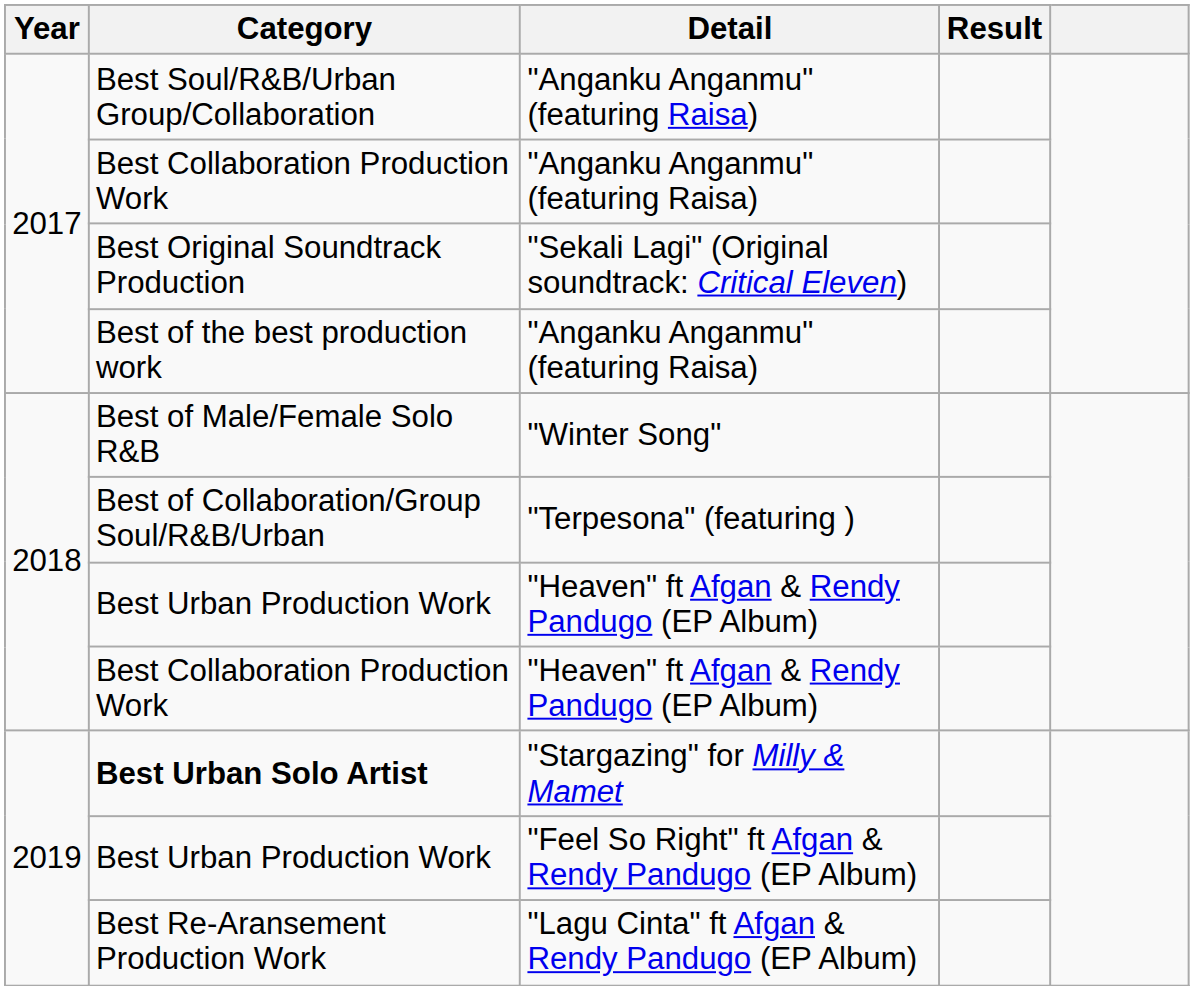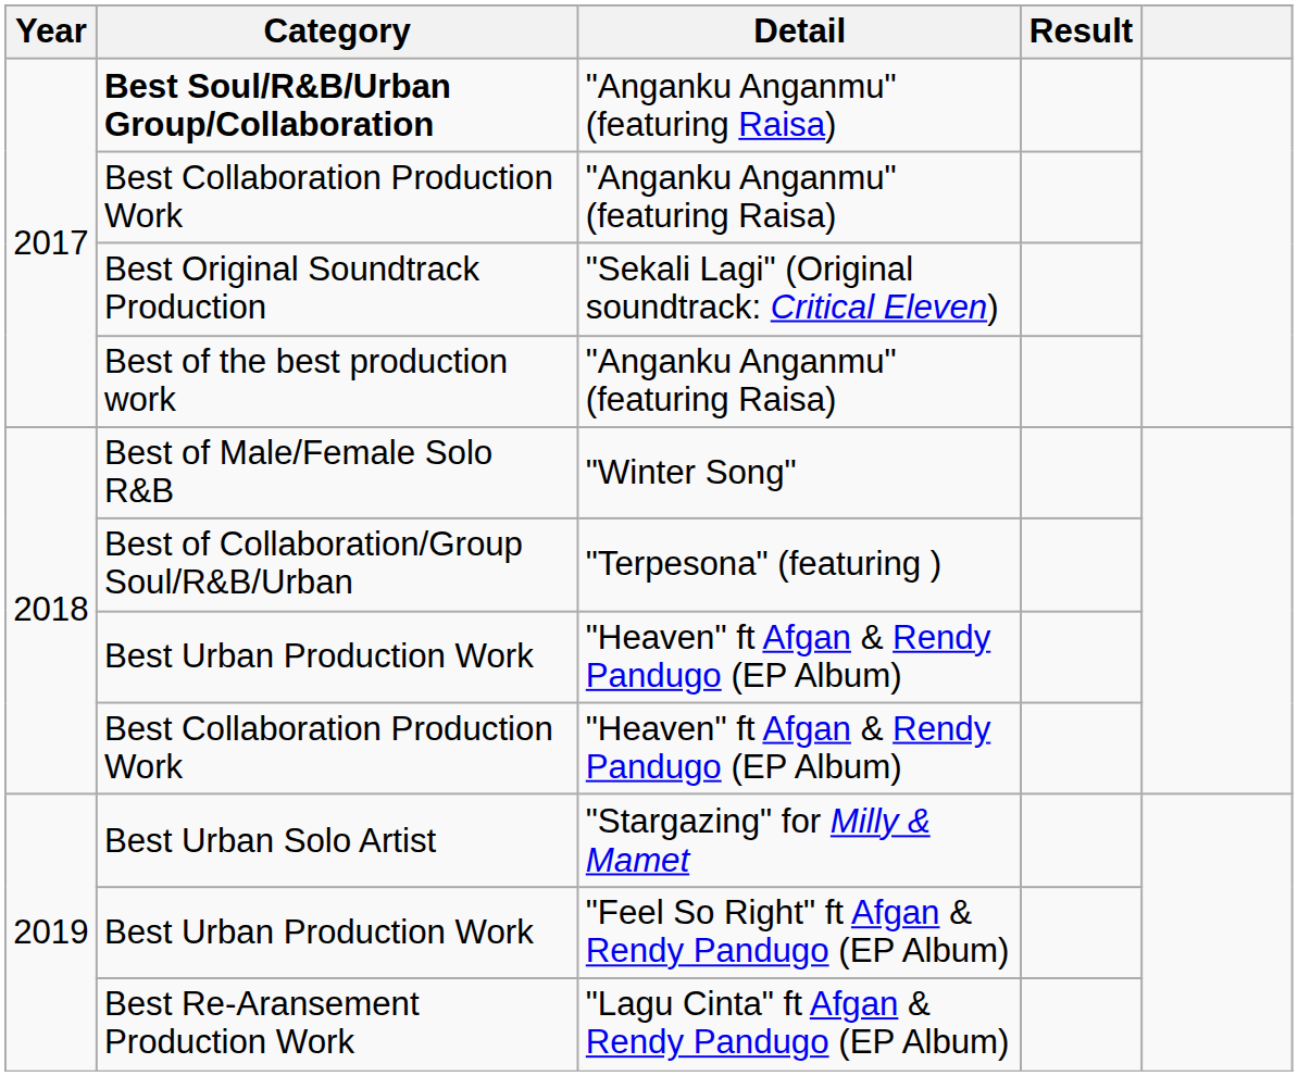 <table class="wikitable">
 <tr>
 <th>Year</th>
 <th>Category</th>
 <th>Detail</th>
 <th>Result</th>
 <th scope="col" style="width:4em;"></th>
 </tr>
 <tr>
 <td align="center" rowspan="4">2017</td>
-<td>Best Soul/R&B/Urban Group/Collaboration</td>
+<td><strong>Best Soul/R&B/Urban Group/Collaboration</strong></td>
 <td>"Anganku Anganmu" (featuring <a href='#'>Raisa</a>)</td>
 <td></td>
 <td rowspan="4" scope="row" style="text-align:center"></td>
 </tr>
 <tr>
 <td>Best Collaboration Production Work</td>
 <td>"Anganku Anganmu" (featuring Raisa)</td>
 <td></td>
 </tr>
 <tr>
 <td>Best Original Soundtrack Production</td>
 <td>"Sekali Lagi" (Original soundtrack: <em><a href='#'>Critical Eleven</a></em>)</td>
 <td></td>
 </tr>
 <tr>
 <td>Best of the best production work</td>
 <td>"Anganku Anganmu" (featuring Raisa)</td>
 <td></td>
 </tr>
 <tr>
 <td align="center" rowspan="4">2018</td>
 <td>Best of Male/Female Solo R&B</td>
 <td>"Winter Song"</td>
 <td></td>
 <td rowspan="4" scope="row" style="text-align:center"></td>
 </tr>
 <tr>
 <td>Best of Collaboration/Group Soul/R&B/Urban</td>
 <td>"Terpesona" (featuring )</td>
 <td></td>
 </tr>
 <tr>
 <td>Best Urban Production Work</td>
 <td>"Heaven" ft <a href='#'>Afgan</a> & <a href='#'>Rendy Pandugo</a> (EP Album)</td>
 <td></td>
 </tr>
 <tr>
 <td>Best Collaboration Production Work</td>
 <td>"Heaven" ft <a href='#'>Afgan</a> & <a href='#'>Rendy Pandugo</a> (EP Album)</td>
 <td></td>
 </tr>
 <tr>
 <td align="center" rowspan="3">2019</td>
-<td><strong>Best Urban Solo Artist</strong></td>
+<td>Best Urban Solo Artist</td>
 <td>"Stargazing" for <em><a href='#'>Milly & Mamet</a></em></td>
 <td></td>
 <td rowspan="3" scope="row" style="text-align:center"></td>
 </tr>
 <tr>
 <td>Best Urban Production Work</td>
 <td>"Feel So Right" ft <a href='#'>Afgan</a> & <a href='#'>Rendy Pandugo</a> (EP Album)</td>
 <td></td>
 </tr>
 <tr>
 <td>Best Re-Aransement Production Work</td>
 <td>"Lagu Cinta" ft <a href='#'>Afgan</a> & <a href='#'>Rendy Pandugo</a> (EP Album)</td>
 <td></td>
 </tr>
 <tr>
 </tr>
 </table>
